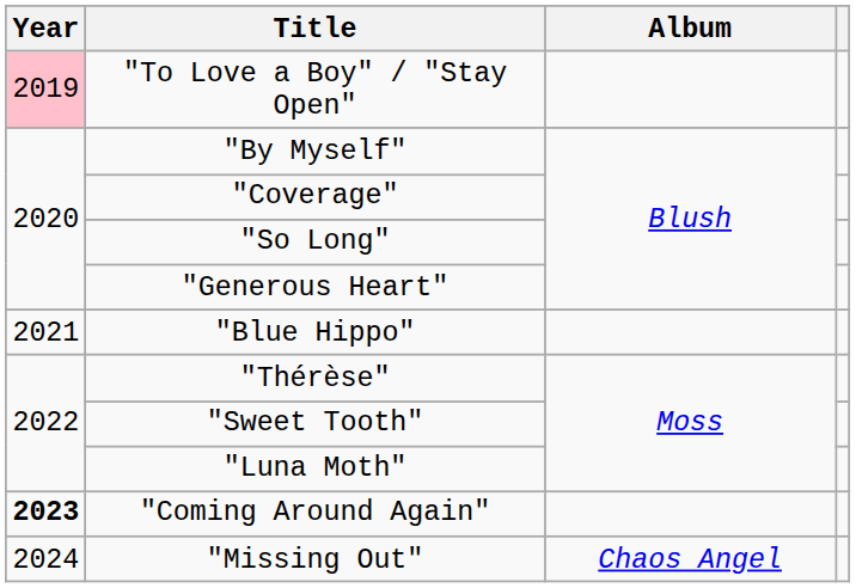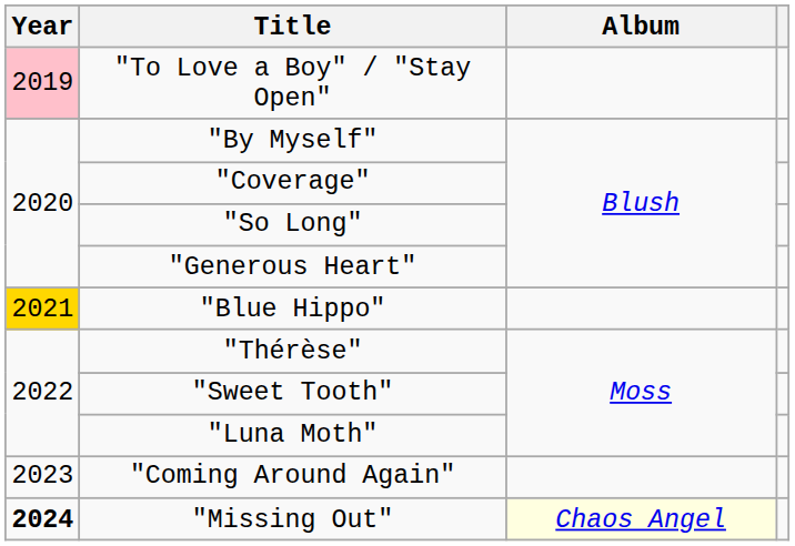 <table class="wikitable plainrowheaders" style="text-align:center;">
 <tr>
 <th scope="col" rowspan="1" style="width:1em;">Year</th>
 <th scope="col" rowspan="1" style="width:16em;">Title</th>
 <th scope="col" rowspan="1" style="width:10em;">Album</th>
 <th class="unsortable"></th>
 </tr>
 <tr>
 <td style="background: pink;">2019</td>
 <td>"To Love a Boy" / "Stay Open"</td>
 <td></td>
 <td></td>
 </tr>
 <tr>
 <td rowspan="4">2020</td>
 <td>"By Myself"</td>
 <td rowspan="4"><em><a href='#'>Blush</a></em></td>
 <td></td>
 </tr>
 <tr>
 <td>"Coverage"</td>
 <td></td>
 </tr>
 <tr>
 <td>"So Long"</td>
 <td></td>
 </tr>
 <tr>
 <td>"Generous Heart"</td>
 <td></td>
 </tr>
 <tr>
-<td>2021</td>
+<td style="background: gold;">2021</td>
 <td>"Blue Hippo"</td>
 <td></td>
 <td></td>
 </tr>
 <tr>
 <td rowspan="3">2022</td>
 <td>"Thérèse"</td>
 <td rowspan="3"><em><a href='#'>Moss</a></em></td>
 <td></td>
 </tr>
 <tr>
 <td>"Sweet Tooth"</td>
 <td></td>
 </tr>
 <tr>
 <td>"Luna Moth"</td>
 <td></td>
 </tr>
 <tr>
-<td><strong>2023</strong></td>
+<td>2023</td>
 <td>"Coming Around Again"</td>
 <td></td>
 <td></td>
 </tr>
 <tr>
-<td>2024</td>
+<td><strong>2024</strong></td>
 <td>"Missing Out"</td>
-<td><em><a href='#'>Chaos Angel</a></em></td>
+<td style="background: lightyellow;"><em><a href='#'>Chaos Angel</a></em></td>
 <td></td>
 </tr>
 </table>
